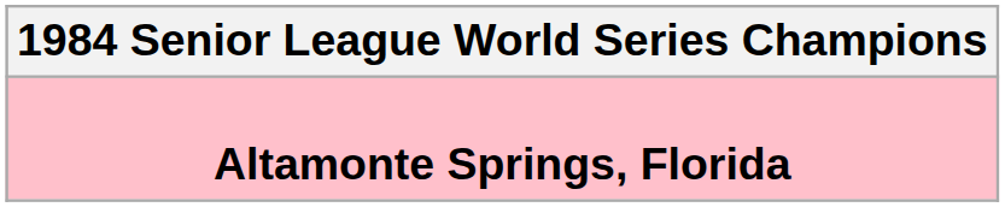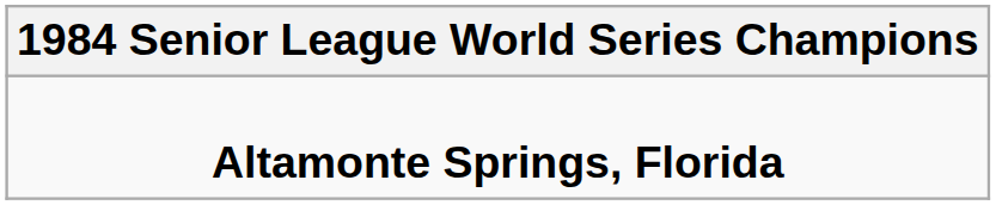 <table class="wikitable" style="text-align: center; margin: 0 auto;">
 <tr>
 <th>1984 Senior League World Series Champions</th>
 </tr>
 <tr>
-<td style="background: pink;"><br><strong>Altamonte Springs, Florida</strong></td>
+<td><br><strong>Altamonte Springs, Florida</strong></td>
 </tr>
 </table>
